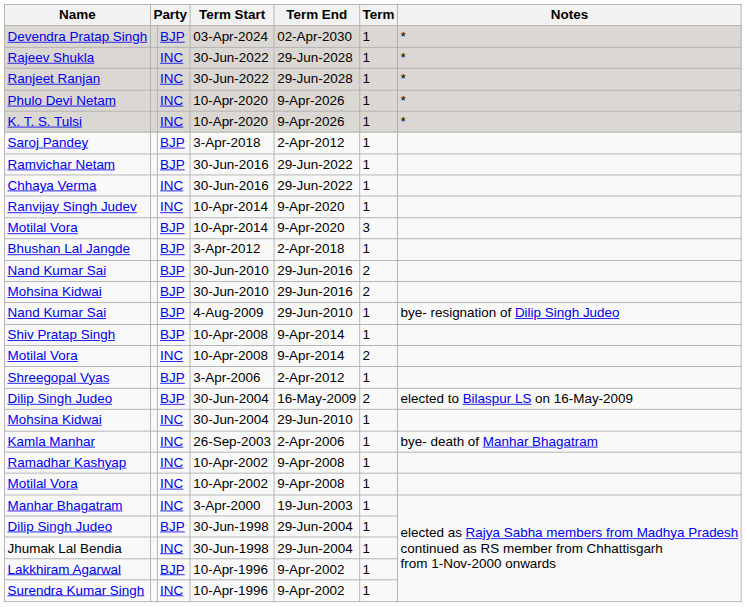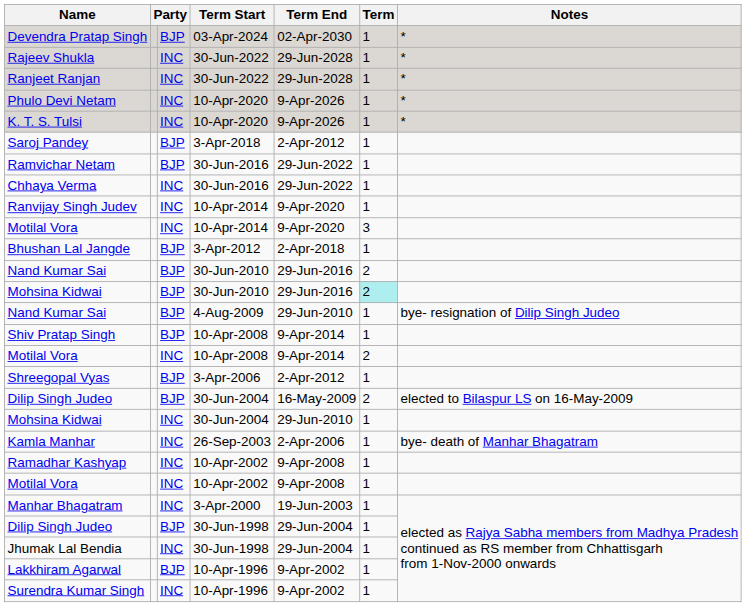 <table class="wikitable sortable">
 <tr>
 <th>Name</th>
 <th colspan="2">Party</th>
 <th>Term Start</th>
 <th>Term End</th>
 <th>Term</th>
 <th>Notes</th>
 </tr>
 <tr style="background:#DBD7D2;">
 <td><a href='#'>Devendra Pratap Singh</a></td>
 <td style="background-color: "></td>
 <td><a href='#'>BJP</a></td>
 <td>03-Apr-2024</td>
 <td>02-Apr-2030</td>
 <td>1</td>
 <td>*</td>
 </tr>
 <tr style="background:#DBD7D2;">
 <td><a href='#'>Rajeev Shukla</a></td>
 <td style="background-color: "></td>
 <td><a href='#'>INC</a></td>
 <td>30-Jun-2022</td>
 <td>29-Jun-2028</td>
 <td>1</td>
 <td>*</td>
 </tr>
 <tr style="background:#DBD7D2;">
 <td><a href='#'>Ranjeet Ranjan</a></td>
 <td style="background-color: "></td>
 <td><a href='#'>INC</a></td>
 <td>30-Jun-2022</td>
 <td>29-Jun-2028</td>
 <td>1</td>
 <td>*</td>
 </tr>
 <tr style="background:#DBD7D2;">
 <td><a href='#'>Phulo Devi Netam</a></td>
 <td style="background-color: "></td>
 <td><a href='#'>INC</a></td>
 <td>10-Apr-2020</td>
 <td>9-Apr-2026</td>
 <td>1</td>
 <td>*</td>
 </tr>
 <tr style="background:#DBD7D2;">
 <td><a href='#'>K. T. S. Tulsi</a></td>
 <td style="background-color: "></td>
 <td><a href='#'>INC</a></td>
 <td>10-Apr-2020</td>
 <td>9-Apr-2026</td>
 <td>1</td>
 <td>*</td>
 </tr>
 <tr>
 <td><a href='#'>Saroj Pandey</a></td>
 <td style="background-color: "></td>
 <td><a href='#'>BJP</a></td>
 <td>3-Apr-2018</td>
 <td>2-Apr-2012</td>
 <td>1</td>
 <td></td>
 </tr>
 <tr>
 <td><a href='#'>Ramvichar Netam</a></td>
 <td style="background-color: "></td>
 <td><a href='#'>BJP</a></td>
 <td>30-Jun-2016</td>
 <td>29-Jun-2022</td>
 <td>1</td>
 <td></td>
 </tr>
 <tr>
 <td><a href='#'>Chhaya Verma</a></td>
 <td style="background-color: "></td>
 <td><a href='#'>INC</a></td>
 <td>30-Jun-2016</td>
 <td>29-Jun-2022</td>
 <td>1</td>
 <td></td>
 </tr>
 <tr>
 <td><a href='#'>Ranvijay Singh Judev</a></td>
 <td style="background-color: "></td>
 <td><a href='#'>INC</a></td>
 <td>10-Apr-2014</td>
 <td>9-Apr-2020</td>
 <td>1</td>
 <td></td>
 </tr>
 <tr>
 <td><a href='#'>Motilal Vora</a></td>
 <td style="background-color: "></td>
-<td><a href='#'>BJP</a></td>
+<td><a href='#'>INC</a></td>
 <td>10-Apr-2014</td>
 <td>9-Apr-2020</td>
 <td>3</td>
 <td></td>
 </tr>
 <tr>
 <td><a href='#'>Bhushan Lal Jangde</a></td>
 <td style="background-color: "></td>
 <td><a href='#'>BJP</a></td>
 <td>3-Apr-2012</td>
 <td>2-Apr-2018</td>
 <td>1</td>
 <td></td>
 </tr>
 <tr>
 <td><a href='#'>Nand Kumar Sai</a></td>
 <td style="background-color: "></td>
 <td><a href='#'>BJP</a></td>
 <td>30-Jun-2010</td>
 <td>29-Jun-2016</td>
 <td>2</td>
 <td></td>
 </tr>
 <tr>
 <td><a href='#'>Mohsina Kidwai</a></td>
 <td style="background-color: "></td>
 <td><a href='#'>BJP</a></td>
 <td>30-Jun-2010</td>
 <td>29-Jun-2016</td>
-<td>2</td>
+<td style="background: paleturquoise;">2</td>
 <td></td>
 </tr>
 <tr>
 <td><a href='#'>Nand Kumar Sai</a></td>
 <td style="background-color: "></td>
 <td><a href='#'>BJP</a></td>
 <td>4-Aug-2009</td>
 <td>29-Jun-2010</td>
 <td>1</td>
 <td>bye- resignation of <a href='#'>Dilip Singh Judeo</a></td>
 </tr>
 <tr>
 <td><a href='#'>Shiv Pratap Singh</a></td>
 <td style="background-color: "></td>
 <td><a href='#'>BJP</a></td>
 <td>10-Apr-2008</td>
 <td>9-Apr-2014</td>
 <td>1</td>
 <td></td>
 </tr>
 <tr>
 <td><a href='#'>Motilal Vora</a></td>
 <td style="background-color: "></td>
 <td><a href='#'>INC</a></td>
 <td>10-Apr-2008</td>
 <td>9-Apr-2014</td>
 <td>2</td>
 <td></td>
 </tr>
 <tr>
 <td><a href='#'>Shreegopal Vyas</a></td>
 <td style="background-color: "></td>
 <td><a href='#'>BJP</a></td>
 <td>3-Apr-2006</td>
 <td>2-Apr-2012</td>
 <td>1</td>
 <td></td>
 </tr>
 <tr>
 <td><a href='#'>Dilip Singh Judeo</a></td>
 <td style="background-color: "></td>
 <td><a href='#'>BJP</a></td>
 <td>30-Jun-2004</td>
 <td>16-May-2009</td>
 <td>2</td>
 <td>elected to <a href='#'>Bilaspur LS</a> on 16-May-2009</td>
 </tr>
 <tr>
 <td><a href='#'>Mohsina Kidwai</a></td>
 <td style="background-color: "></td>
 <td><a href='#'>INC</a></td>
 <td>30-Jun-2004</td>
 <td>29-Jun-2010</td>
 <td>1</td>
 <td></td>
 </tr>
 <tr>
 <td><a href='#'>Kamla Manhar</a></td>
 <td style="background-color: "></td>
 <td><a href='#'>INC</a></td>
 <td>26-Sep-2003</td>
 <td>2-Apr-2006</td>
 <td>1</td>
 <td>bye- death of <a href='#'>Manhar Bhagatram</a></td>
 </tr>
 <tr>
 <td><a href='#'>Ramadhar Kashyap</a></td>
 <td style="background-color: "></td>
 <td><a href='#'>INC</a></td>
 <td>10-Apr-2002</td>
 <td>9-Apr-2008</td>
 <td>1</td>
 <td></td>
 </tr>
 <tr>
 <td><a href='#'>Motilal Vora</a></td>
 <td style="background-color: "></td>
 <td><a href='#'>INC</a></td>
 <td>10-Apr-2002</td>
 <td>9-Apr-2008</td>
 <td>1</td>
 <td></td>
 </tr>
 <tr>
 <td><a href='#'>Manhar Bhagatram</a></td>
 <td style="background-color: "></td>
 <td><a href='#'>INC</a></td>
 <td>3-Apr-2000</td>
 <td>19-Jun-2003</td>
 <td>1</td>
 <td rowspan="5">elected as <a href='#'>Rajya Sabha members from Madhya Pradesh</a><br>continued as RS member from Chhattisgarh<br>from 1-Nov-2000 onwards</td>
 </tr>
 <tr>
 <td><a href='#'>Dilip Singh Judeo</a></td>
 <td style="background-color: "></td>
 <td><a href='#'>BJP</a></td>
 <td>30-Jun-1998</td>
 <td>29-Jun-2004</td>
 <td>1</td>
 </tr>
 <tr>
 <td>Jhumak Lal Bendia</td>
 <td style="background-color: "></td>
 <td><a href='#'>INC</a></td>
 <td>30-Jun-1998</td>
 <td>29-Jun-2004</td>
 <td>1</td>
 </tr>
 <tr>
 <td><a href='#'>Lakkhiram Agarwal</a></td>
 <td style="background-color: "></td>
 <td><a href='#'>BJP</a></td>
 <td>10-Apr-1996</td>
 <td>9-Apr-2002</td>
 <td>1</td>
 </tr>
 <tr>
 <td><a href='#'>Surendra Kumar Singh</a></td>
 <td style="background-color: "></td>
 <td><a href='#'>INC</a></td>
 <td>10-Apr-1996</td>
 <td>9-Apr-2002</td>
 <td>1</td>
 </tr>
 </table>
